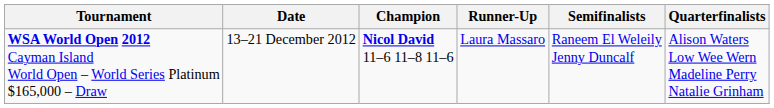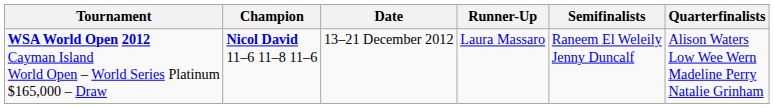 <table class="wikitable" style="font-size:88%">
 <tr>
 <th>Tournament</th>
+<th>Champion</th>
 <th>Date</th>
-<th>Champion</th>
 <th>Runner-Up</th>
 <th>Semifinalists</th>
 <th>Quarterfinalists</th>
 </tr>
 <tr valign=top>
 <td><strong><a href='#'>WSA World Open</a> <a href='#'>2012</a></strong><br> <a href='#'>Cayman Island</a><br><a href='#'>World Open</a> – <a href='#'>World Series</a> Platinum<br>$165,000 – <a href='#'>Draw</a></td>
+<td> <strong><a href='#'>Nicol David</a></strong><br>11–6 11–8 11–6</td>
 <td>13–21 December 2012</td>
-<td> <strong><a href='#'>Nicol David</a></strong><br>11–6 11–8 11–6</td>
 <td> <a href='#'>Laura Massaro</a></td>
 <td> <a href='#'>Raneem El Weleily</a><br> <a href='#'>Jenny Duncalf</a></td>
 <td> <a href='#'>Alison Waters</a><br> <a href='#'>Low Wee Wern</a><br> <a href='#'>Madeline Perry</a><br> <a href='#'>Natalie Grinham</a></td>
 </tr>
 </table>
